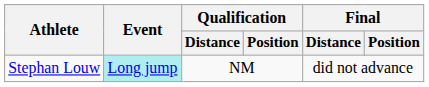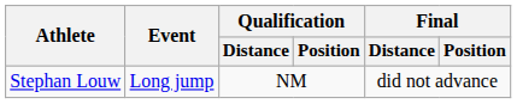 <table class=wikitable style="font-size:90%">
 <tr>
 <th rowspan="2">Athlete</th>
 <th rowspan="2">Event</th>
 <th colspan="2">Qualification</th>
 <th colspan="2">Final</th>
 </tr>
 <tr style="font-size:95%">
 <th>Distance</th>
 <th>Position</th>
 <th>Distance</th>
 <th>Position</th>
 </tr>
 <tr align=center>
 <td align=left><a href='#'>Stephan Louw</a></td>
-<td align=left style="background: paleturquoise;"><a href='#'>Long jump</a></td>
+<td align=left><a href='#'>Long jump</a></td>
 <td colspan=2>NM</td>
 <td colspan=2>did not advance</td>
 </tr>
 </table>
